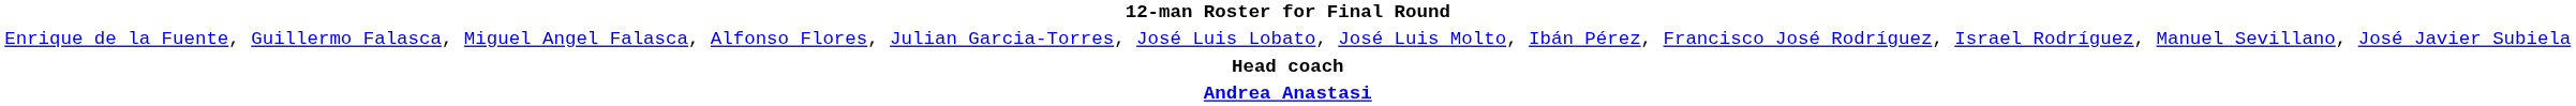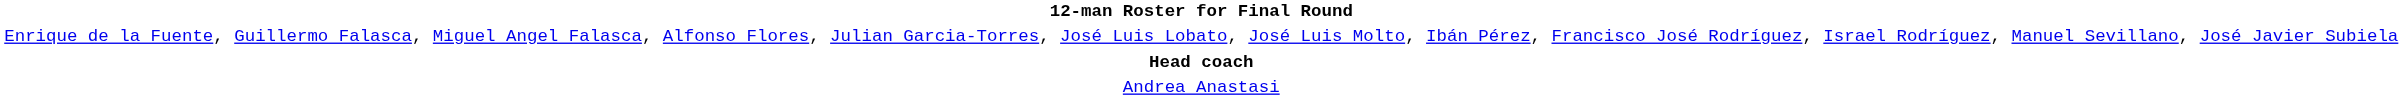 <table style="text-align: center; margin-top: 2em; margin-left: auto; margin-right: auto">
 <tr>
 <td><strong>12-man Roster for Final Round</strong></td>
 </tr>
 <tr>
 <td><a href='#'>Enrique de la Fuente</a>, <a href='#'>Guillermo Falasca</a>, <a href='#'>Miguel Angel Falasca</a>, <a href='#'>Alfonso Flores</a>, <a href='#'>Julian Garcia-Torres</a>, <a href='#'>José Luis Lobato</a>, <a href='#'>José Luis Molto</a>, <a href='#'>Ibán Pérez</a>, <a href='#'>Francisco José Rodríguez</a>, <a href='#'>Israel Rodríguez</a>, <a href='#'>Manuel Sevillano</a>, <a href='#'>José Javier Subiela</a></td>
 </tr>
 <tr>
 <td><strong>Head coach</strong></td>
 </tr>
 <tr>
-<td><strong><a href='#'>Andrea Anastasi</a></strong></td>
+<td><a href='#'>Andrea Anastasi</a></td>
 </tr>
 </table>
